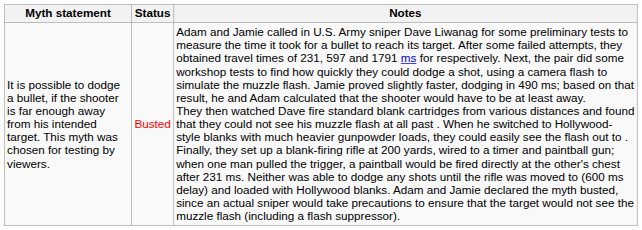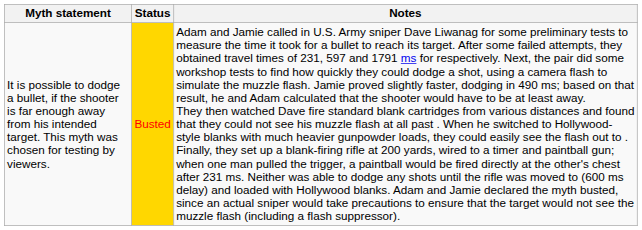 <table class="wikitable plainrowheaders">
 <tr>
 <th>Myth statement</th>
 <th>Status</th>
 <th>Notes</th>
 </tr>
 <tr>
 <td>It is possible to dodge a bullet, if the shooter is far enough away from his intended target. This myth was chosen for testing by viewers.</td>
-<td style="color:red">Busted</td>
+<td style="background: gold; color:red">Busted</td>
 <td>Adam and Jamie called in U.S. Army sniper Dave Liwanag for some preliminary tests to measure the time it took for a bullet to reach its target. After some failed attempts, they obtained travel times of 231, 597 and 1791 <a href='#'>ms</a> for   respectively. Next, the pair did some workshop tests to find how quickly they could dodge a shot, using a camera flash to simulate the muzzle flash. Jamie proved slightly faster, dodging in 490 ms; based on that result, he and Adam calculated that the shooter would have to be at least  away.<br>They then watched Dave fire standard blank cartridges from various distances and found that they could not see his muzzle flash at all past . When he switched to Hollywood-style blanks with much heavier gunpowder loads, they could easily see the flash out to . Finally, they set up a blank-firing rifle at 200 yards, wired to a timer and paintball gun; when one man pulled the trigger, a paintball would be fired directly at the other's chest after 231 ms. Neither was able to dodge any shots until the rifle was moved to  (600 ms delay) and loaded with Hollywood blanks. Adam and Jamie declared the myth busted, since an actual sniper would take precautions to ensure that the target would not see the muzzle flash (including a flash suppressor).</td>
 </tr>
 </table>
